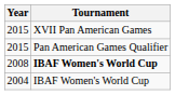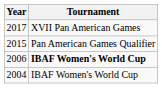 <table class="wikitable">
 <tr>
 <th>Year</th>
 <th>Tournament</th>
 </tr>
 <tr>
-<td>2015</td>
+<td>2017</td>
 <td>XVII Pan American Games</td>
 </tr>
 <tr>
 <td>2015</td>
 <td>Pan American Games Qualifier</td>
 </tr>
 <tr>
-<td>2008</td>
+<td>2006</td>
 <td><strong>IBAF Women's World Cup</strong></td>
 </tr>
 <tr>
 <td>2004</td>
 <td>IBAF Women's World Cup</td>
 </tr>
 </table>
